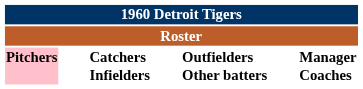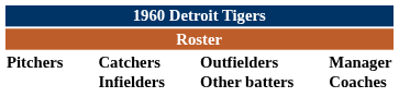 <table class="toccolours" style="font-size: 95%;">
 <tr>
 <th colspan="10" style="background-color: #003366; color: white; text-align: center;">1960 Detroit Tigers</th>
 </tr>
 <tr>
 <td colspan="10" style="background-color: #bd5d29; color: white; text-align: center;"><strong>Roster</strong></td>
 </tr>
 <tr>
-<td valign="top" style="background: pink;"><strong>Pitchers</strong><br>             </td>
+<td valign="top"><strong>Pitchers</strong><br>             </td>
 <td width="25px"></td>
 <td valign="top"><strong>Catchers</strong><br>    <strong>Infielders</strong>            </td>
 <td width="25px"></td>
 <td valign="top"><strong>Outfielders</strong><br>      <strong>Other batters</strong> </td>
 <td width="25px"></td>
 <td valign="top"><strong>Manager</strong><br>   <strong>Coaches</strong>    </td>
 </tr>
 <tr>
 </tr>
 </table>
